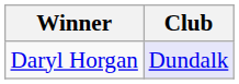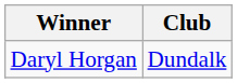 <table class="wikitable">
 <tr>
 <th>Winner</th>
 <th>Club</th>
 </tr>
 <tr>
 <td><a href='#'>Daryl Horgan</a></td>
-<td style="background: lavender;"><a href='#'>Dundalk</a></td>
+<td><a href='#'>Dundalk</a></td>
 </tr>
 </table>
